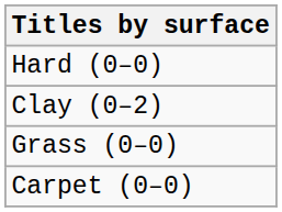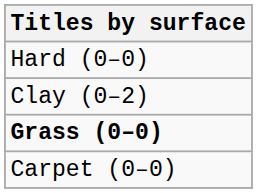 <table class=wikitable style=font-size:97%>
 <tr>
 <th>Titles by surface</th>
 </tr>
 <tr>
 <td>Hard (0–0)</td>
 </tr>
 <tr>
 <td>Clay (0–2)</td>
 </tr>
 <tr>
-<td>Grass (0–0)</td>
+<td><strong>Grass (0–0)</strong></td>
 </tr>
 <tr>
 <td>Carpet (0–0)</td>
 </tr>
 </table>
